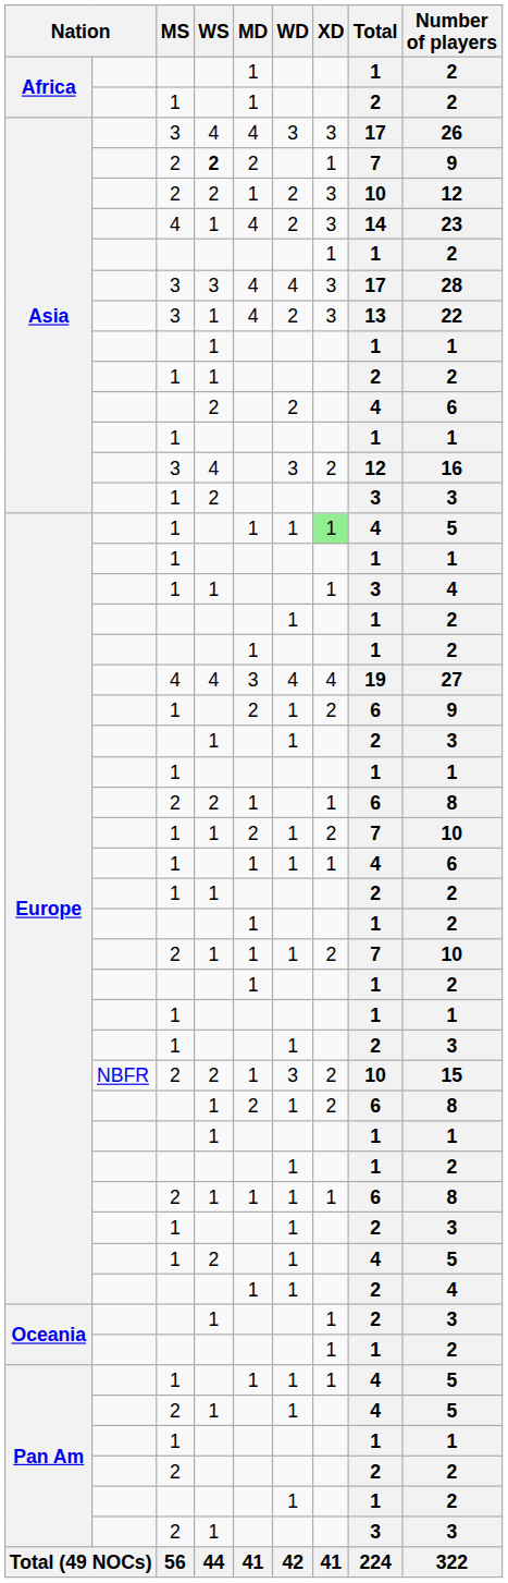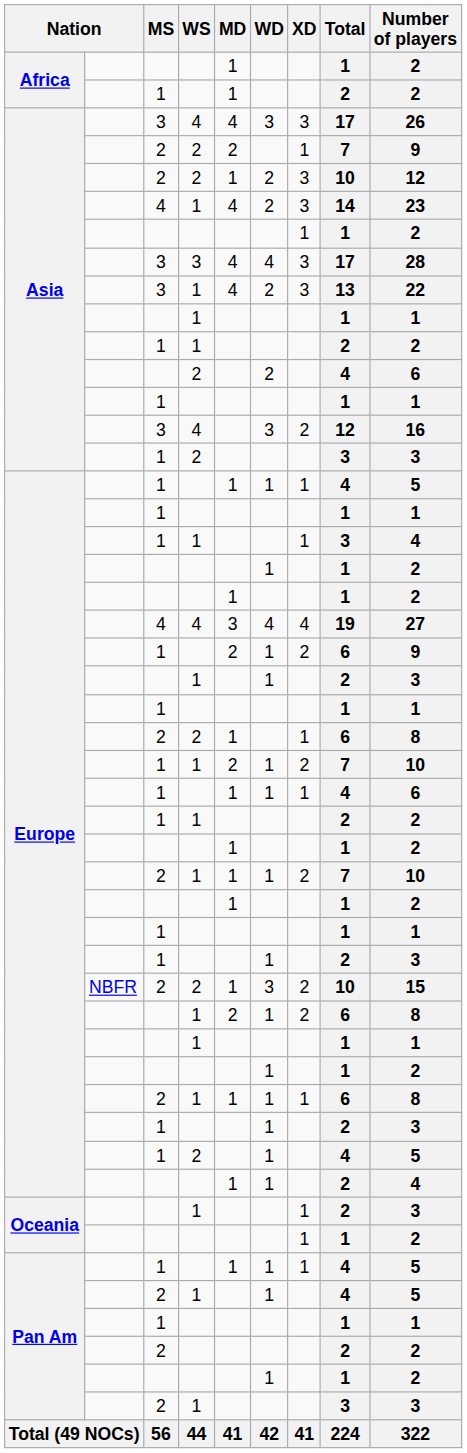 <table class="sortable wikitable" style="font-size:95%; text-align:center">
 <tr>
 <th colspan="2">Nation</th>
 <th>MS</th>
 <th>WS</th>
 <th>MD</th>
 <th>WD</th>
 <th>XD</th>
 <th>Total</th>
 <th>Number<br>of players</th>
 </tr>
 <tr>
 <th rowspan="2"><a href='#'>Africa</a></th>
 <td align="left"></td>
 <td></td>
 <td></td>
 <td>1</td>
 <td></td>
 <td></td>
 <th>1</th>
 <th>2</th>
 </tr>
 <tr>
 <td align="left"></td>
 <td>1</td>
 <td></td>
 <td>1</td>
 <td></td>
 <td></td>
 <th>2</th>
 <th>2</th>
 </tr>
 <tr>
 <th rowspan="13"><a href='#'>Asia</a></th>
 <td align="left"></td>
 <td>3</td>
 <td>4</td>
 <td>4</td>
 <td>3</td>
 <td>3</td>
 <th>17</th>
 <th>26</th>
 </tr>
 <tr>
 <td align="left"></td>
 <td>2</td>
-<td><strong>2</strong></td>
+<td>2</td>
 <td>2</td>
 <td></td>
 <td>1</td>
 <th>7</th>
 <th>9</th>
 </tr>
 <tr>
 <td align="left"></td>
 <td>2</td>
 <td>2</td>
 <td>1</td>
 <td>2</td>
 <td>3</td>
 <th>10</th>
 <th>12</th>
 </tr>
 <tr>
 <td align="left"></td>
 <td>4</td>
 <td>1</td>
 <td>4</td>
 <td>2</td>
 <td>3</td>
 <th>14</th>
 <th>23</th>
 </tr>
 <tr>
 <td align="left"></td>
 <td></td>
 <td></td>
 <td></td>
 <td></td>
 <td>1</td>
 <th>1</th>
 <th>2 </th>
 </tr>
 <tr>
 <td align="left"></td>
 <td>3</td>
 <td>3</td>
 <td>4</td>
 <td>4</td>
 <td>3</td>
 <th>17</th>
 <th>28</th>
 </tr>
 <tr>
 <td align="left"></td>
 <td>3</td>
 <td>1</td>
 <td>4</td>
 <td>2</td>
 <td>3</td>
 <th>13</th>
 <th>22</th>
 </tr>
 <tr>
 <td align="left"></td>
 <td></td>
 <td>1</td>
 <td></td>
 <td></td>
 <td></td>
 <th>1</th>
 <th>1</th>
 </tr>
 <tr>
 <td align="left"></td>
 <td>1</td>
 <td>1</td>
 <td></td>
 <td></td>
 <td></td>
 <th>2</th>
 <th>2</th>
 </tr>
 <tr>
 <td align="left"></td>
 <td></td>
 <td>2</td>
 <td></td>
 <td>2</td>
 <td></td>
 <th>4</th>
 <th>6</th>
 </tr>
 <tr>
 <td align="left"></td>
 <td>1</td>
 <td></td>
 <td></td>
 <td></td>
 <td></td>
 <th>1</th>
 <th>1</th>
 </tr>
 <tr>
 <td align="left"></td>
 <td>3</td>
 <td>4</td>
 <td></td>
 <td>3</td>
 <td>2</td>
 <th>12</th>
 <th>16</th>
 </tr>
 <tr>
 <td align="left"></td>
 <td>1</td>
 <td>2</td>
 <td></td>
 <td></td>
 <td></td>
 <th>3</th>
 <th>3</th>
 </tr>
 <tr>
 <th rowspan="26"><a href='#'>Europe</a></th>
 <td align="left"></td>
 <td>1</td>
 <td></td>
 <td>1</td>
 <td>1</td>
-<td style="background: lightgreen;">1</td>
+<td>1</td>
 <th>4</th>
 <th>5</th>
 </tr>
 <tr>
 <td align="left"></td>
 <td>1</td>
 <td></td>
 <td></td>
 <td></td>
 <td></td>
 <th>1</th>
 <th>1</th>
 </tr>
 <tr>
 <td align="left"></td>
 <td>1</td>
 <td>1</td>
 <td></td>
 <td></td>
 <td>1</td>
 <th>3</th>
 <th>4</th>
 </tr>
 <tr>
 <td align="left"></td>
 <td></td>
 <td></td>
 <td></td>
 <td>1</td>
 <td></td>
 <th>1</th>
 <th>2</th>
 </tr>
 <tr>
 <td align="left"></td>
 <td></td>
 <td></td>
 <td>1</td>
 <td></td>
 <td></td>
 <th>1</th>
 <th>2</th>
 </tr>
 <tr>
 <td align="left"></td>
 <td>4</td>
 <td>4</td>
 <td>3</td>
 <td>4</td>
 <td>4</td>
 <th>19</th>
 <th>27</th>
 </tr>
 <tr>
 <td align="left"></td>
 <td>1</td>
 <td></td>
 <td>2</td>
 <td>1</td>
 <td>2</td>
 <th>6</th>
 <th>9</th>
 </tr>
 <tr>
 <td align="left"></td>
 <td></td>
 <td>1</td>
 <td></td>
 <td>1</td>
 <td></td>
 <th>2</th>
 <th>3</th>
 </tr>
 <tr>
 <td align="left"></td>
 <td>1</td>
 <td></td>
 <td></td>
 <td></td>
 <td></td>
 <th>1</th>
 <th>1</th>
 </tr>
 <tr>
 <td align="left"></td>
 <td>2</td>
 <td>2</td>
 <td>1</td>
 <td></td>
 <td>1</td>
 <th>6</th>
 <th>8</th>
 </tr>
 <tr>
 <td align="left"></td>
 <td>1</td>
 <td>1</td>
 <td>2</td>
 <td>1</td>
 <td>2</td>
 <th>7</th>
 <th>10</th>
 </tr>
 <tr>
 <td align="left"></td>
 <td>1</td>
 <td></td>
 <td>1</td>
 <td>1</td>
 <td>1</td>
 <th>4</th>
 <th>6</th>
 </tr>
 <tr>
 <td align="left"></td>
 <td>1</td>
 <td>1</td>
 <td></td>
 <td></td>
 <td></td>
 <th>2</th>
 <th>2</th>
 </tr>
 <tr>
 <td align="left"></td>
 <td></td>
 <td></td>
 <td>1</td>
 <td></td>
 <td></td>
 <th>1</th>
 <th>2</th>
 </tr>
 <tr>
 <td align="left"></td>
 <td>2</td>
 <td>1</td>
 <td>1</td>
 <td>1</td>
 <td>2</td>
 <th>7</th>
 <th>10</th>
 </tr>
 <tr>
 <td align="left"></td>
 <td></td>
 <td></td>
 <td>1</td>
 <td></td>
 <td></td>
 <th>1</th>
 <th>2</th>
 </tr>
 <tr>
 <td align="left"></td>
 <td>1</td>
 <td></td>
 <td></td>
 <td></td>
 <td></td>
 <th>1</th>
 <th>1</th>
 </tr>
 <tr>
 <td align="left"></td>
 <td>1</td>
 <td></td>
 <td></td>
 <td>1</td>
 <td></td>
 <th>2</th>
 <th>3</th>
 </tr>
 <tr>
 <td align="left"> <a href='#'>NBFR</a></td>
 <td>2</td>
 <td>2</td>
 <td>1</td>
 <td>3</td>
 <td>2</td>
 <th>10</th>
 <th>15</th>
 </tr>
 <tr>
 <td align="left"></td>
 <td></td>
 <td>1</td>
 <td>2</td>
 <td>1</td>
 <td>2</td>
 <th>6</th>
 <th>8</th>
 </tr>
 <tr>
 <td align="left"></td>
 <td></td>
 <td>1</td>
 <td></td>
 <td></td>
 <td></td>
 <th>1</th>
 <th>1</th>
 </tr>
 <tr>
 <td align="left"></td>
 <td></td>
 <td></td>
 <td></td>
 <td>1</td>
 <td></td>
 <th>1</th>
 <th>2</th>
 </tr>
 <tr>
 <td align="left"></td>
 <td>2</td>
 <td>1</td>
 <td>1</td>
 <td>1</td>
 <td>1</td>
 <th>6</th>
 <th>8</th>
 </tr>
 <tr>
 <td align="left"></td>
 <td>1</td>
 <td></td>
 <td></td>
 <td>1</td>
 <td></td>
 <th>2</th>
 <th>3</th>
 </tr>
 <tr>
 <td align="left"></td>
 <td>1</td>
 <td>2</td>
 <td></td>
 <td>1</td>
 <td></td>
 <th>4</th>
 <th>5</th>
 </tr>
 <tr>
 <td align="left"></td>
 <td></td>
 <td></td>
 <td>1</td>
 <td>1</td>
 <td></td>
 <th>2</th>
 <th>4</th>
 </tr>
 <tr>
 <th rowspan="2"><a href='#'>Oceania</a></th>
 <td align="left"></td>
 <td></td>
 <td>1</td>
 <td></td>
 <td></td>
 <td>1</td>
 <th>2</th>
 <th>3</th>
 </tr>
 <tr>
 <td align="left"></td>
 <td></td>
 <td></td>
 <td></td>
 <td></td>
 <td>1</td>
 <th>1</th>
 <th>2</th>
 </tr>
 <tr>
 <th rowspan="6"><a href='#'>Pan Am</a></th>
 <td align="left"></td>
 <td>1</td>
 <td></td>
 <td>1</td>
 <td>1</td>
 <td>1</td>
 <th>4</th>
 <th>5</th>
 </tr>
 <tr>
 <td align="left"></td>
 <td>2</td>
 <td>1</td>
 <td></td>
 <td>1</td>
 <td></td>
 <th>4</th>
 <th>5</th>
 </tr>
 <tr>
 <td align="left"></td>
 <td>1</td>
 <td></td>
 <td></td>
 <td></td>
 <td></td>
 <th>1</th>
 <th>1</th>
 </tr>
 <tr>
 <td align="left"></td>
 <td>2</td>
 <td></td>
 <td></td>
 <td></td>
 <td></td>
 <th>2</th>
 <th>2</th>
 </tr>
 <tr>
 <td align="left"></td>
 <td></td>
 <td></td>
 <td></td>
 <td>1</td>
 <td></td>
 <th>1</th>
 <th>2</th>
 </tr>
 <tr>
 <td align="left"></td>
 <td>2</td>
 <td>1</td>
 <td></td>
 <td></td>
 <td></td>
 <th>3</th>
 <th>3</th>
 </tr>
 <tr>
 <th colspan="2">Total (49 NOCs)</th>
 <th>56</th>
 <th>44</th>
 <th>41</th>
 <th>42</th>
 <th>41</th>
 <th>224</th>
 <th>322</th>
 </tr>
 </table>
